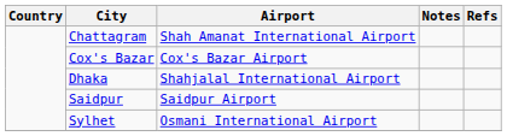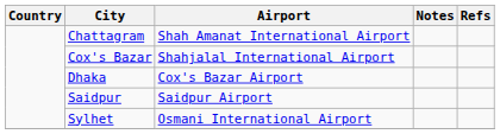 <table class="wikitable">
 <tr>
 <th>Country</th>
 <th>City</th>
 <th>Airport</th>
 <th>Notes</th>
 <th>Refs</th>
 </tr>
 <tr>
 <td rowspan="5"></td>
 <td><a href='#'>Chattagram</a></td>
 <td><a href='#'>Shah Amanat International Airport</a></td>
 <td></td>
 <td></td>
 </tr>
 <tr>
 <td><a href='#'>Cox's Bazar</a></td>
-<td><a href='#'>Cox's Bazar Airport</a></td>
+<td><a href='#'>Shahjalal International Airport</a></td>
 <td></td>
 <td></td>
 </tr>
 <tr>
 <td><a href='#'>Dhaka</a></td>
-<td><a href='#'>Shahjalal International Airport</a></td>
+<td><a href='#'>Cox's Bazar Airport</a></td>
 <td></td>
 <td></td>
 </tr>
 <tr>
 <td><a href='#'>Saidpur</a></td>
 <td><a href='#'>Saidpur Airport</a></td>
 <td></td>
 <td></td>
 </tr>
 <tr>
 <td><a href='#'>Sylhet</a></td>
 <td><a href='#'>Osmani International Airport</a></td>
 <td></td>
 <td></td>
 </tr>
 <tr>
 </tr>
 </table>
